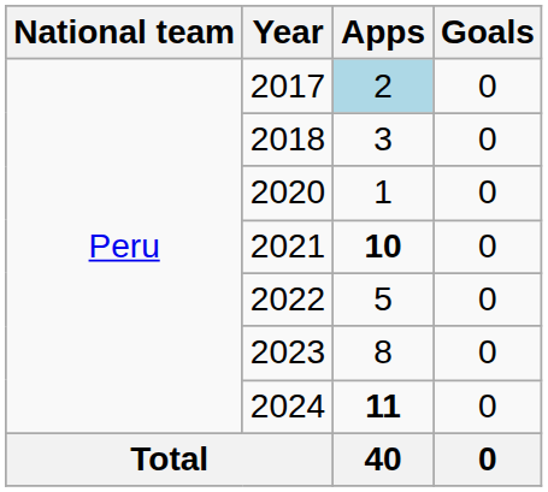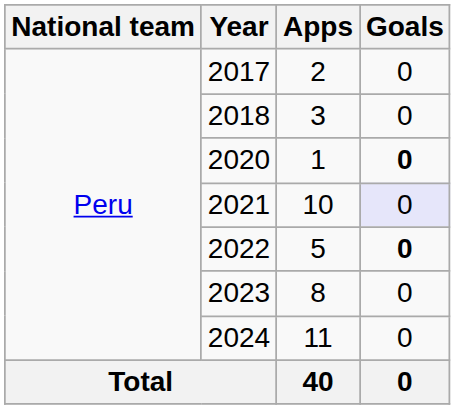 <table class="wikitable" style="text-align:center">
 <tr>
 <th>National team</th>
 <th>Year</th>
 <th>Apps</th>
 <th>Goals</th>
 </tr>
 <tr>
 <td rowspan="7"><a href='#'>Peru</a></td>
 <td>2017</td>
-<td style="background: lightblue;">2</td>
+<td>2</td>
 <td>0</td>
 </tr>
 <tr>
 <td>2018</td>
 <td>3</td>
 <td>0</td>
 </tr>
 <tr>
 <td>2020</td>
 <td>1</td>
-<td>0</td>
+<td><strong>0</strong></td>
 </tr>
 <tr>
 <td>2021</td>
-<td><strong>10</strong></td>
-<td>0</td>
+<td>10</td>
+<td style="background: lavender;">0</td>
 </tr>
 <tr>
 <td>2022</td>
 <td>5</td>
-<td>0</td>
+<td><strong>0</strong></td>
 </tr>
 <tr>
 <td>2023</td>
 <td>8</td>
 <td>0</td>
 </tr>
 <tr>
 <td>2024</td>
-<td><strong>11</strong></td>
+<td>11</td>
 <td>0</td>
 </tr>
 <tr>
 <th colspan="2">Total</th>
 <th>40</th>
 <th>0</th>
 </tr>
 </table>
